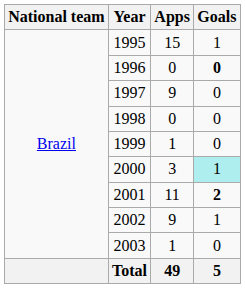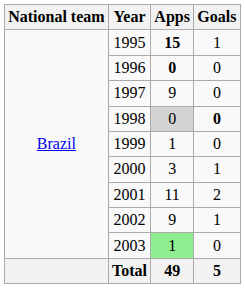 <table class="wikitable" style="text-align:center">
 <tr>
 <th>National team</th>
 <th>Year</th>
 <th>Apps</th>
 <th>Goals</th>
 </tr>
 <tr>
 </tr>
 <tr>
 <td rowspan="9"><a href='#'>Brazil</a></td>
 <td>1995</td>
-<td>15</td>
+<td><strong>15</strong></td>
 <td>1</td>
 </tr>
 <tr>
 <td>1996</td>
+<td><strong>0</strong></td>
 <td>0</td>
-<td><strong>0</strong></td>
 </tr>
 <tr>
 <td>1997</td>
 <td>9</td>
 <td>0</td>
 </tr>
 <tr>
 <td>1998</td>
-<td>0</td>
-<td>0</td>
+<td style="background: lightgrey;">0</td>
+<td><strong>0</strong></td>
 </tr>
 <tr>
 <td>1999</td>
 <td>1</td>
 <td>0</td>
 </tr>
 <tr>
 <td>2000</td>
 <td>3</td>
-<td style="background: paleturquoise;">1</td>
+<td>1</td>
 </tr>
 <tr>
 <td>2001</td>
 <td>11</td>
-<td><strong>2</strong></td>
+<td>2</td>
 </tr>
 <tr>
 <td>2002</td>
 <td>9</td>
 <td>1</td>
 </tr>
 <tr>
 <td>2003</td>
-<td>1</td>
+<td style="background: lightgreen;">1</td>
 <td>0</td>
 </tr>
 <tr>
 <th></th>
 <th>Total</th>
 <th>49</th>
 <th>5</th>
 </tr>
 </table>
